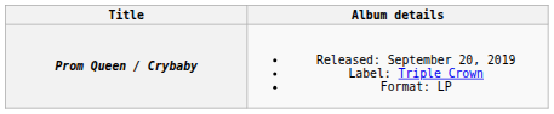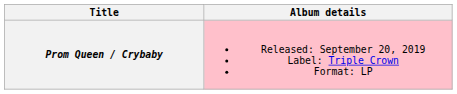 <table class="wikitable plainrowheaders" style="text-align:center;">
 <tr>
 <th rowspan="1" style="width:20em;">Title</th>
 <th rowspan="1" style="width:25em;">Album details</th>
 </tr>
 <tr>
 <th scope="row"><em>Prom Queen / Crybaby</em></th>
-<td><br><ul><li>Released: September 20, 2019</li><li>Label: <a href='#'>Triple Crown</a></li><li>Format: LP</li></ul></td>
+<td style="background: pink;"><br><ul><li>Released: September 20, 2019</li><li>Label: <a href='#'>Triple Crown</a></li><li>Format: LP</li></ul></td>
 </tr>
 </table>
